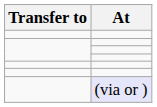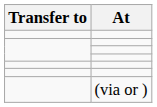 <table class="wikitable" style="border-collapse: collapse; text-align: left;">
 <tr>
 <th>Transfer to</th>
 <th>At</th>
 </tr>
 <tr>
 <td></td>
 <td></td>
 </tr>
 <tr>
 <td rowspan="3"></td>
 <td></td>
 </tr>
 <tr>
 <td></td>
 </tr>
 <tr>
 <td></td>
 </tr>
 <tr>
 <td></td>
 <td></td>
 </tr>
 <tr>
 <td></td>
 <td></td>
 </tr>
 <tr>
 <td></td>
-<td style="background: lavender;"> (via  or )</td>
+<td> (via  or )</td>
 </tr>
 </table>
